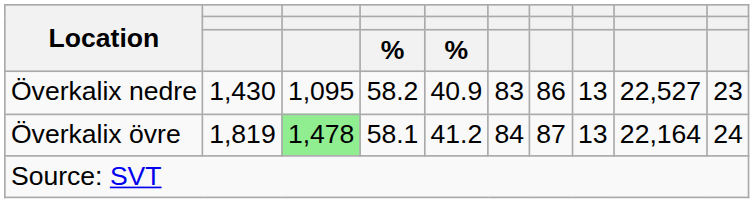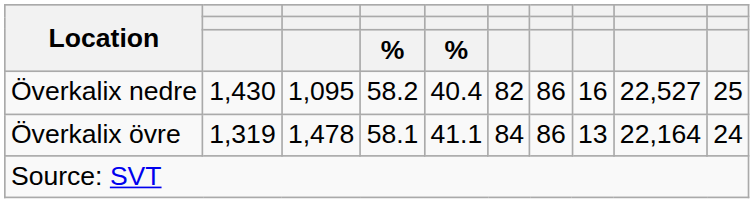 <table role="presentation" class="wikitable sortable mw-collapsible">
 <tr>
 <th rowspan="3">Location</th>
 <th></th>
 <th></th>
 <th></th>
 <th></th>
 <th></th>
 <th></th>
 <th></th>
 <th></th>
 <th></th>
 </tr>
 <tr>
 <th></th>
 <th></th>
 <th style="background:"></th>
 <th style="background:"></th>
 <th></th>
 <th></th>
 <th></th>
 <th></th>
 <th></th>
 </tr>
 <tr>
 <th data-sort-type="number"></th>
 <th data-sort-type="number"></th>
 <th data-sort-type="number">%</th>
 <th data-sort-type="number">%</th>
 <th data-sort-type="number"></th>
 <th data-sort-type="number"></th>
 <th data-sort-type="number"></th>
 <th data-sort-type="number"></th>
 <th data-sort-type="number"></th>
 </tr>
 <tr>
 <td align="left">Överkalix nedre</td>
 <td>1,430</td>
 <td>1,095</td>
 <td>58.2</td>
-<td>40.9</td>
-<td>83</td>
+<td>40.4</td>
+<td>82</td>
 <td>86</td>
-<td>13</td>
+<td>16</td>
 <td>22,527</td>
-<td>23</td>
+<td>25</td>
 </tr>
 <tr>
 <td align="left">Överkalix övre</td>
-<td>1,819</td>
-<td style="background: lightgreen;">1,478</td>
+<td>1,319</td>
+<td>1,478</td>
 <td>58.1</td>
-<td>41.2</td>
+<td>41.1</td>
 <td>84</td>
-<td>87</td>
+<td>86</td>
 <td>13</td>
 <td>22,164</td>
 <td>24</td>
 </tr>
 <tr>
 <td colspan="10" align="left">Source: <a href='#'>SVT</a></td>
 </tr>
 </table>
